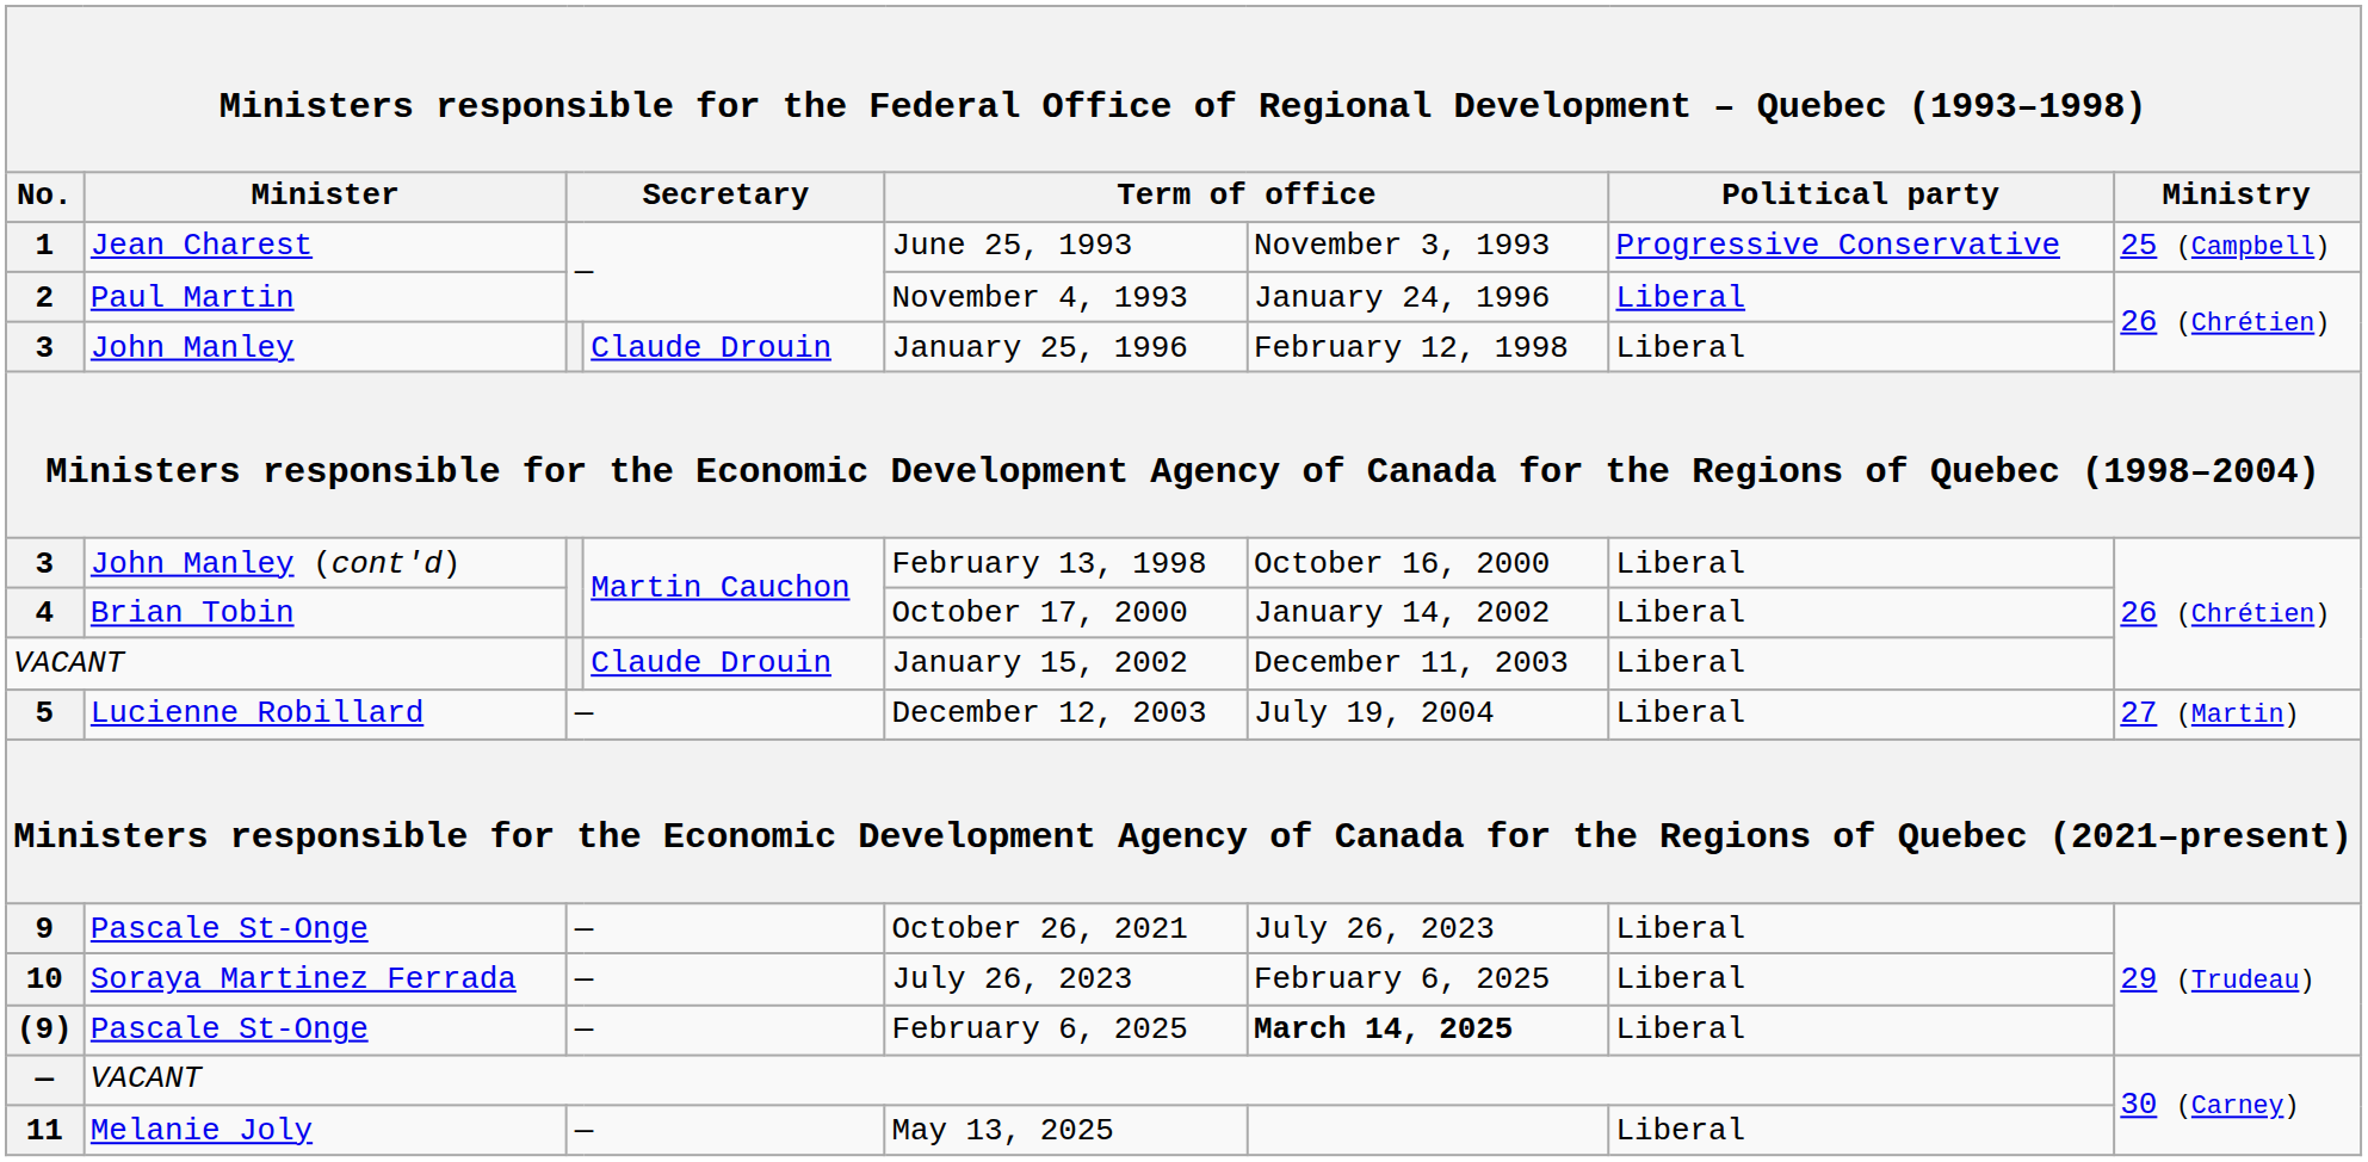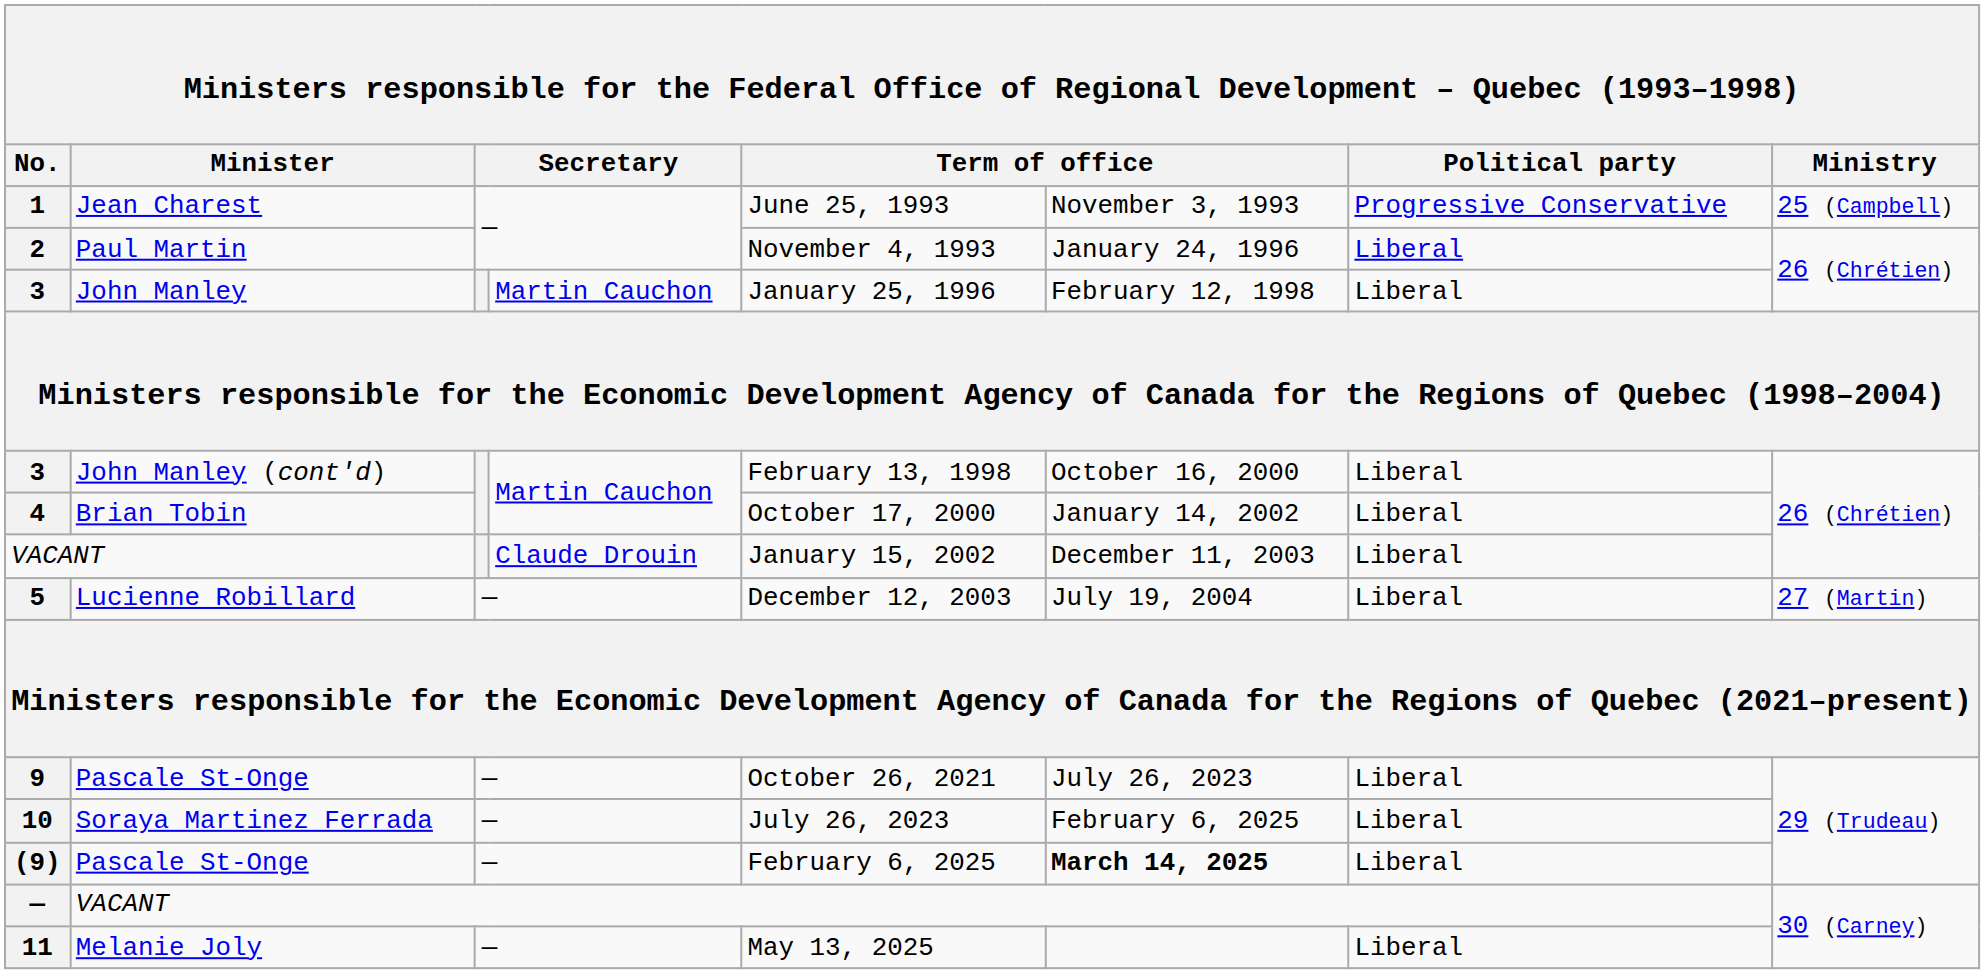 <table class="wikitable">
 <tr>
 <th colspan=8><br><h3>Ministers responsible for the Federal Office of Regional Development – Quebec (1993–1998)</h3></th>
 </tr>
 <tr>
 <th>No.</th>
 <th>Minister</th>
 <th colspan=2>Secretary</th>
 <th colspan=2>Term of office</th>
 <th>Political party</th>
 <th>Ministry</th>
 </tr>
 <tr>
 <th style="background:">1</th>
 <td><a href='#'>Jean Charest</a></td>
 <td colspan=2 rowspan=2>—</td>
 <td>June 25, 1993</td>
 <td>November 3, 1993</td>
 <td><a href='#'>Progressive Conservative</a></td>
 <td><a href='#'>25</a> <small>(<a href='#'>Campbell</a>)</small></td>
 </tr>
 <tr>
 <th style="background:">2</th>
 <td><a href='#'>Paul Martin</a></td>
 <td>November 4, 1993</td>
 <td>January 24, 1996</td>
 <td><a href='#'>Liberal</a></td>
 <td rowspan=2><a href='#'>26</a> <small>(<a href='#'>Chrétien</a>)</small></td>
 </tr>
 <tr>
 <th style="background:">3</th>
 <td><a href='#'>John Manley</a></td>
 <th style="background:"></th>
-<td><a href='#'>Claude Drouin</a></td>
+<td><a href='#'>Martin Cauchon</a></td>
 <td>January 25, 1996</td>
 <td>February 12, 1998</td>
 <td>Liberal</td>
 </tr>
 <tr>
 <th colspan=8><br><h3>Ministers responsible for the Economic Development Agency of Canada for the Regions of Quebec (1998–2004)</h3></th>
 </tr>
 <tr>
 <th style="background:">3</th>
 <td><a href='#'>John Manley</a> (<em>cont'd</em>)</td>
 <th rowspan=2 style="background:"></th>
 <td rowspan=2><a href='#'>Martin Cauchon</a></td>
 <td>February 13, 1998</td>
 <td>October 16, 2000</td>
 <td>Liberal</td>
 <td rowspan=3><a href='#'>26</a> <small>(<a href='#'>Chrétien</a>)</small></td>
 </tr>
 <tr>
 <th style="background:">4</th>
 <td><a href='#'>Brian Tobin</a></td>
 <td>October 17, 2000</td>
 <td>January 14, 2002</td>
 <td>Liberal</td>
 </tr>
 <tr>
 <td colspan=2><em>VACANT</em></td>
 <th style="background:"></th>
 <td><a href='#'>Claude Drouin</a></td>
 <td>January 15, 2002</td>
 <td>December 11, 2003</td>
 <td>Liberal</td>
 </tr>
 <tr>
 <th style="background:">5</th>
 <td><a href='#'>Lucienne Robillard</a></td>
 <td colspan=2>—</td>
 <td>December 12, 2003</td>
 <td>July 19, 2004</td>
 <td>Liberal</td>
 <td><a href='#'>27</a> <small>(<a href='#'>Martin</a>)</small></td>
 </tr>
 <tr>
 <th colspan=8><br><h3>Ministers responsible for the Economic Development Agency of Canada for the Regions of Quebec (2021–present)</h3></th>
 </tr>
 <tr>
 <th style="background:">9 </th>
 <td><a href='#'>Pascale St-Onge</a></td>
 <td colspan=2>—</td>
 <td>October 26, 2021</td>
 <td>July 26, 2023</td>
 <td>Liberal</td>
 <td rowspan="3"><a href='#'>29</a> <small>(<a href='#'>Trudeau</a>)</small></td>
 </tr>
 <tr>
 <th style="background:">10 </th>
 <td><a href='#'>Soraya Martinez Ferrada</a></td>
 <td colspan=2>—</td>
 <td>July 26, 2023</td>
 <td>February 6, 2025</td>
 <td>Liberal</td>
 </tr>
 <tr>
 <th style="background:">(9)</th>
 <td><a href='#'>Pascale St-Onge</a></td>
 <td colspan="2">—</td>
 <td>February 6, 2025</td>
 <td><strong>March 14, 2025</strong></td>
 <td>Liberal</td>
 </tr>
 <tr>
 <th style="background:">—</th>
 <td colspan="6"><em>VACANT</em></td>
 <td rowspan="2"><a href='#'>30</a> <small>(<a href='#'>Carney</a>)</small></td>
 </tr>
 <tr>
 <th style="background:">11</th>
 <td><a href='#'>Melanie Joly</a></td>
 <td colspan=2>—</td>
 <td>May 13, 2025</td>
 <td></td>
 <td>Liberal</td>
 </tr>
 </table>
